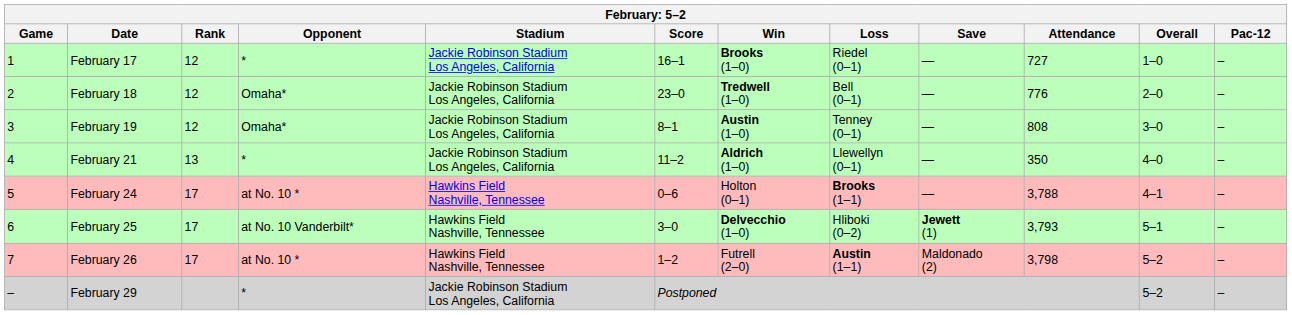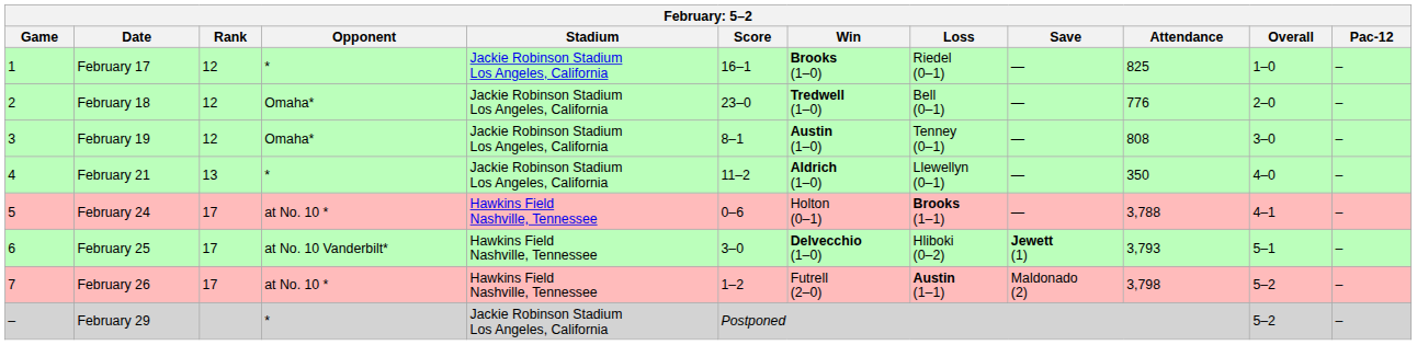 <table class="wikitable collapsible collapsed" style="margin:auto; font-size:95%; width:100%">
 <tr>
 <th colspan=12>February: 5–2</th>
 </tr>
 <tr>
 <th>Game</th>
 <th>Date</th>
 <th>Rank</th>
 <th>Opponent</th>
 <th>Stadium</th>
 <th>Score</th>
 <th>Win</th>
 <th>Loss</th>
 <th>Save</th>
 <th>Attendance</th>
 <th>Overall</th>
 <th>Pac-12</th>
 </tr>
 <tr style="background:#bfb;">
 <td>1</td>
 <td>February 17</td>
 <td>12</td>
 <td>*</td>
 <td><a href='#'>Jackie Robinson Stadium</a><br><a href='#'>Los Angeles, California</a></td>
 <td>16–1</td>
 <td><strong>Brooks</strong><br>(1–0)</td>
 <td>Riedel<br>(0–1)</td>
 <td>—</td>
-<td>727</td>
+<td>825</td>
 <td>1–0</td>
 <td>–</td>
 </tr>
 <tr style="background:#bfb;">
 <td>2</td>
 <td>February 18</td>
 <td>12</td>
 <td>Omaha*</td>
 <td>Jackie Robinson Stadium<br>Los Angeles, California</td>
 <td>23–0</td>
 <td><strong>Tredwell</strong><br>(1–0)</td>
 <td>Bell<br>(0–1)</td>
 <td>—</td>
 <td>776</td>
 <td>2–0</td>
 <td>–</td>
 </tr>
 <tr style="background: #bfb;">
 <td>3</td>
 <td>February 19</td>
 <td>12</td>
 <td>Omaha*</td>
 <td>Jackie Robinson Stadium<br>Los Angeles, California</td>
 <td>8–1</td>
 <td><strong>Austin</strong> <br>(1–0)</td>
 <td>Tenney<br>(0–1)</td>
 <td>—</td>
 <td>808</td>
 <td>3–0</td>
 <td>–</td>
 </tr>
 <tr style="background:  #bfb;">
 <td>4</td>
 <td>February 21</td>
 <td>13</td>
 <td>*</td>
 <td>Jackie Robinson Stadium<br>Los Angeles, California</td>
 <td>11–2</td>
 <td><strong>Aldrich</strong><br> (1–0)</td>
 <td>Llewellyn <br>(0–1)</td>
 <td>—</td>
 <td>350</td>
 <td>4–0</td>
 <td>–</td>
 </tr>
 <tr style="background: #fbb;">
 <td>5</td>
 <td>February 24</td>
 <td>17</td>
 <td>at No. 10 *</td>
 <td><a href='#'>Hawkins Field</a><br><a href='#'>Nashville, Tennessee</a></td>
 <td>0–6</td>
 <td>Holton <br>(0–1)</td>
 <td><strong> Brooks</strong><br> (1–1)</td>
 <td>—</td>
 <td>3,788</td>
 <td>4–1</td>
 <td>–</td>
 </tr>
 <tr style="background:   #bfb;">
 <td>6</td>
 <td>February 25</td>
 <td>17</td>
 <td>at No. 10 Vanderbilt*</td>
 <td>Hawkins Field<br>Nashville, Tennessee</td>
 <td>3–0</td>
 <td><strong>Delvecchio</strong> <br>(1–0)</td>
 <td>Hliboki <br>(0–2)</td>
 <td><strong>Jewett</strong> <br>(1)</td>
 <td>3,793</td>
 <td>5–1</td>
 <td>–</td>
 </tr>
 <tr style="background: #fbb;">
 <td>7</td>
 <td>February 26</td>
 <td>17</td>
 <td>at No. 10 *</td>
 <td>Hawkins Field<br>Nashville, Tennessee</td>
 <td>1–2</td>
 <td>Futrell<br>(2–0)</td>
 <td><strong>Austin</strong> <br>(1–1)</td>
 <td>Maldonado <br>(2)</td>
 <td>3,798</td>
 <td>5–2</td>
 <td>–</td>
 </tr>
 <tr bgcolor="d3d3d3">
 <td>–</td>
 <td>February 29</td>
 <td></td>
 <td>*</td>
 <td>Jackie Robinson Stadium<br>Los Angeles, California</td>
 <td colspan="5"><em>Postponed</em> <br></td>
 <td>5–2</td>
 <td>–</td>
 </tr>
 </table>
